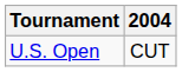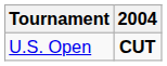 <table class="wikitable" style="font-size:95%;text-align:center;">
 <tr>
 <th>Tournament</th>
 <th>2004</th>
 </tr>
 <tr>
 <td align=left><a href='#'>U.S. Open</a></td>
-<td>CUT</td>
+<td><strong>CUT</strong></td>
 </tr>
 </table>
